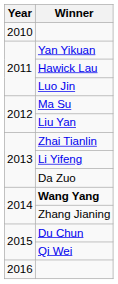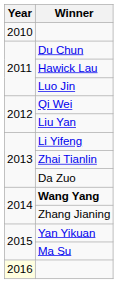 <table class="wikitable">
 <tr>
 <th>Year</th>
 <th>Winner</th>
 </tr>
 <tr>
 <td>2010</td>
 <td></td>
 </tr>
 <tr>
 <td rowspan=3>2011</td>
-<td><a href='#'>Yan Yikuan</a></td>
+<td><a href='#'>Du Chun</a></td>
 </tr>
 <tr>
 <td><a href='#'>Hawick Lau</a></td>
 </tr>
 <tr>
 <td><a href='#'>Luo Jin</a></td>
 </tr>
 <tr>
 <td rowspan=2>2012</td>
-<td><a href='#'>Ma Su</a></td>
+<td><a href='#'>Qi Wei</a></td>
 </tr>
 <tr>
 <td><a href='#'>Liu Yan</a></td>
 </tr>
 <tr>
 <td rowspan=3>2013</td>
-<td><a href='#'>Zhai Tianlin</a></td>
+<td><a href='#'>Li Yifeng</a></td>
 </tr>
 <tr>
-<td><a href='#'>Li Yifeng</a></td>
+<td><a href='#'>Zhai Tianlin</a></td>
 </tr>
 <tr>
 <td>Da Zuo</td>
 </tr>
 <tr>
 <td rowspan=2>2014</td>
 <td><strong>Wang Yang</strong></td>
 </tr>
 <tr>
 <td>Zhang Jianing</td>
 </tr>
 <tr>
 <td rowspan=2>2015</td>
-<td><a href='#'>Du Chun</a></td>
+<td><a href='#'>Yan Yikuan</a></td>
 </tr>
 <tr>
-<td><a href='#'>Qi Wei</a></td>
+<td><a href='#'>Ma Su</a></td>
 </tr>
 <tr>
-<td>2016</td>
+<td style="background: lightyellow;">2016</td>
 <td></td>
 </tr>
 </table>
